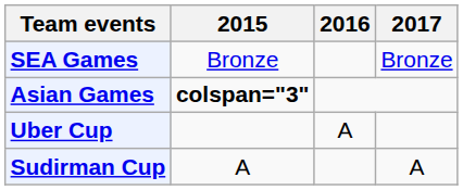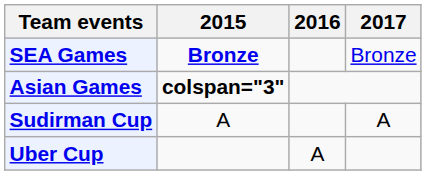 <table style='font-size: 90%; text-align:center;' class='wikitable'>
 <tr>
 <th>Team events</th>
 <th>2015</th>
 <th>2016</th>
 <th>2017</th>
 </tr>
 <tr>
 <td bgcolor="#ECF2FF"; align="left"><strong><a href='#'>SEA Games</a></strong></td>
-<td> <a href='#'>Bronze</a></td>
+<td><strong> <a href='#'>Bronze</a></strong></td>
 <td></td>
 <td> <a href='#'>Bronze</a></td>
 </tr>
 <tr>
 <td bgcolor="#ECF2FF"; align="left"><strong><a href='#'>Asian Games</a></strong></td>
 <td><strong>colspan="3" </strong></td>
 </tr>
 <tr>
+<td bgcolor="#ECF2FF"; align="left"><strong><a href='#'>Sudirman Cup</a></strong></td>
+<td>A</td>
+<td></td>
+<td>A</td>
+</tr>
+<tr>
 <td bgcolor="#ECF2FF"; align="left"><strong><a href='#'>Uber Cup</a></strong></td>
 <td></td>
 <td>A</td>
 <td></td>
 </tr>
-<tr>
-<td bgcolor="#ECF2FF"; align="left"><strong><a href='#'>Sudirman Cup</a></strong></td>
-<td>A</td>
-<td></td>
-<td>A</td>
-</tr>
 </table>
